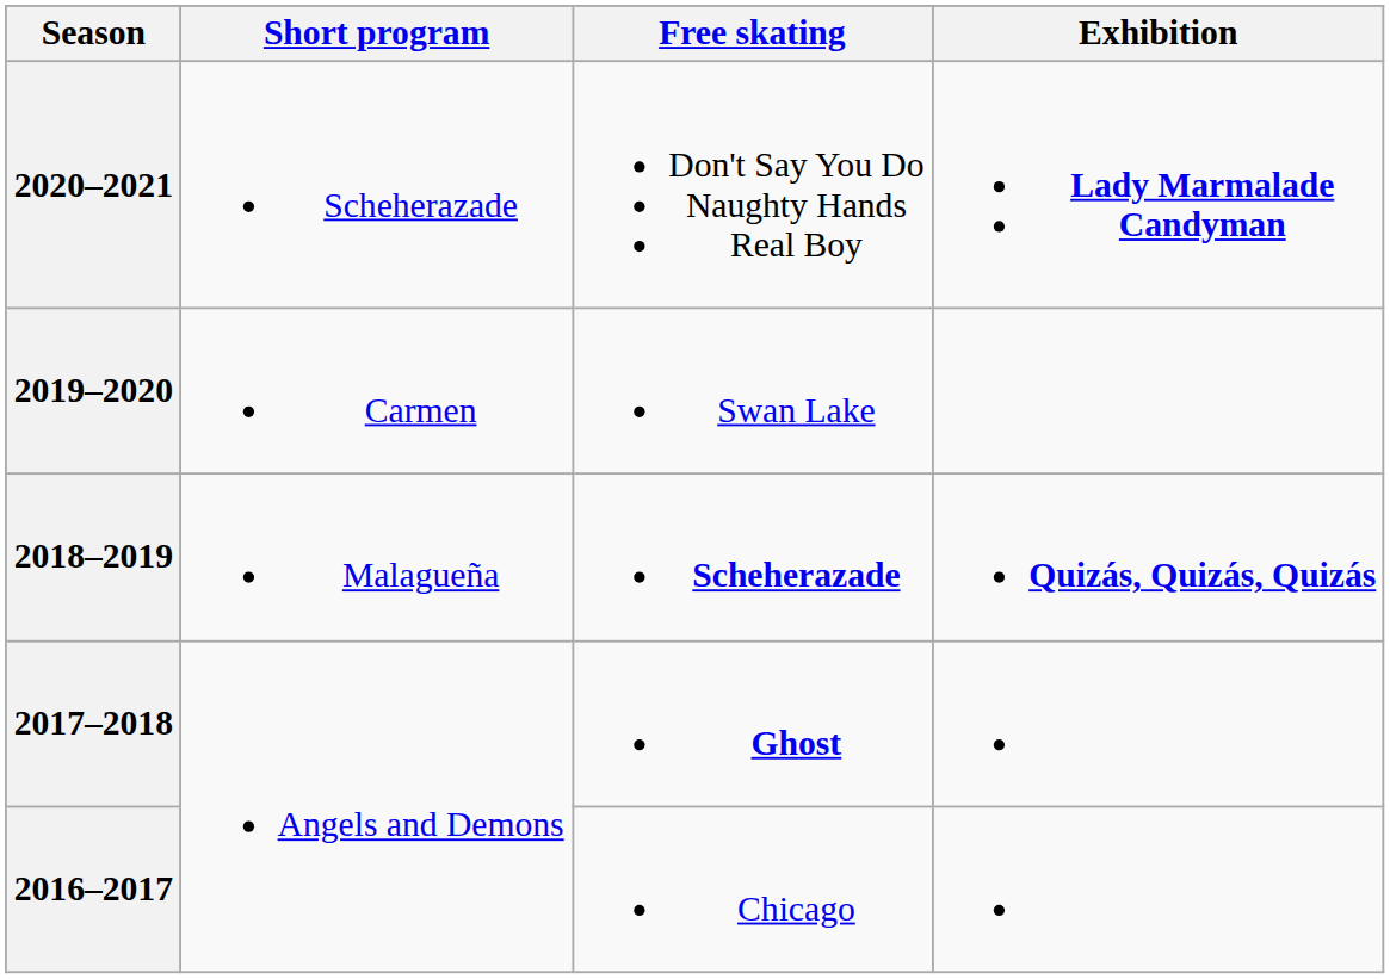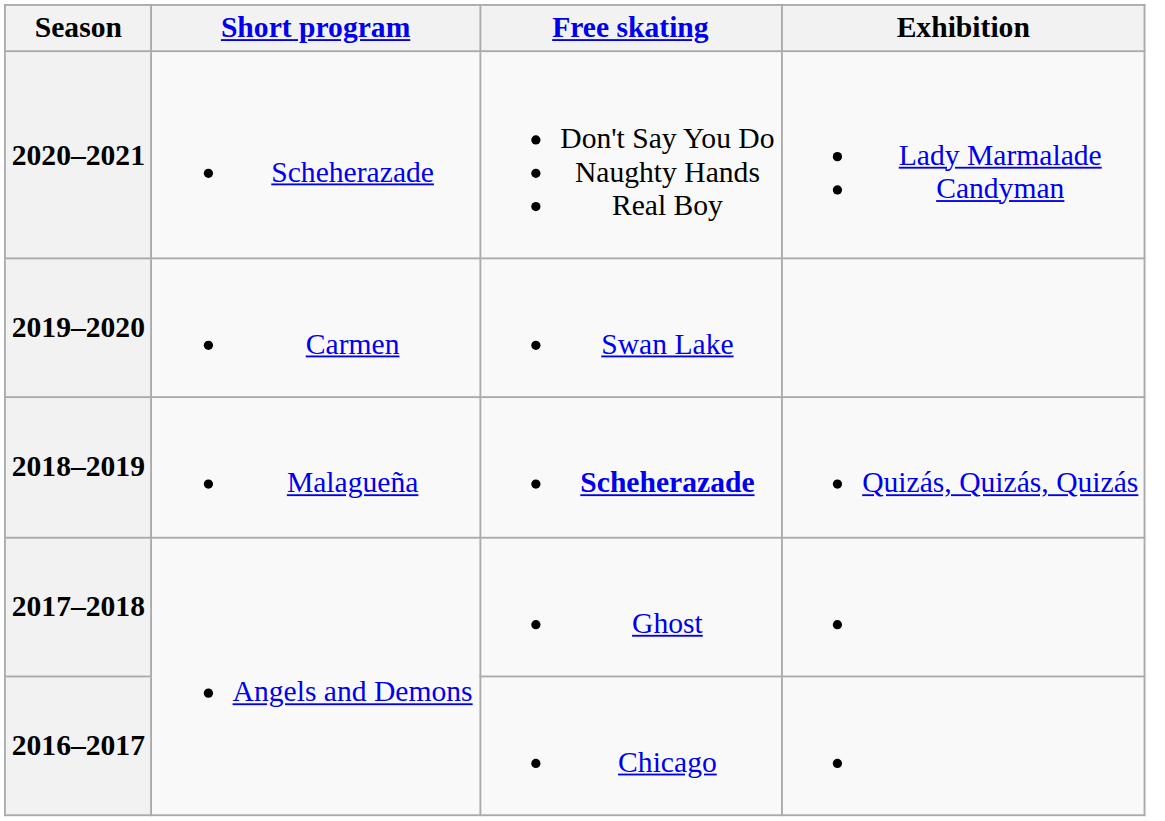 <table class=wikitable style=text-align:center>
 <tr>
 <th>Season</th>
 <th><a href='#'>Short program</a></th>
 <th><a href='#'>Free skating</a></th>
 <th>Exhibition</th>
 </tr>
 <tr>
 <th>2020–2021 <br> </th>
 <td><br><ul><li><a href='#'>Scheherazade</a> <br> </li></ul></td>
 <td><br><ul><li>Don't Say You Do <br> </li><li>Naughty Hands <br> </li><li>Real Boy <br> </li></ul></td>
-<td><strong><br><ul><li><a href='#'>Lady Marmalade</a> <br> </li><li><a href='#'>Candyman</a> <br> </li></ul></strong></td>
+<td><br><ul><li><a href='#'>Lady Marmalade</a> <br> </li><li><a href='#'>Candyman</a> <br> </li></ul></td>
 </tr>
 <tr>
 <th>2019–2020 <br> </th>
 <td><br><ul><li><a href='#'>Carmen</a> <br></li></ul></td>
 <td><br><ul><li><a href='#'>Swan Lake</a> <br></li></ul></td>
 <td></td>
 </tr>
 <tr>
 <th>2018–2019 <br></th>
 <td><br><ul><li><a href='#'>Malagueña</a> <br></li></ul></td>
 <td><strong><br><ul><li><a href='#'>Scheherazade</a> <br></li></ul></strong></td>
-<td><strong><br><ul><li><a href='#'>Quizás, Quizás, Quizás</a> <br></li></ul></strong></td>
+<td><br><ul><li><a href='#'>Quizás, Quizás, Quizás</a> <br></li></ul></td>
 </tr>
 <tr>
 <th>2017–2018 <br> </th>
 <td rowspan=2><br><ul><li><a href='#'>Angels and Demons</a> <br></li></ul></td>
-<td><strong><br><ul><li><a href='#'>Ghost</a> <br></li></ul></strong></td>
+<td><br><ul><li><a href='#'>Ghost</a> <br></li></ul></td>
 <td><br><ul><li></li></ul></td>
 </tr>
 <tr>
 <th>2016–2017 <br></th>
 <td><br><ul><li><a href='#'>Chicago</a> <br></li></ul></td>
 <td><br><ul><li></li></ul></td>
 </tr>
 </table>
